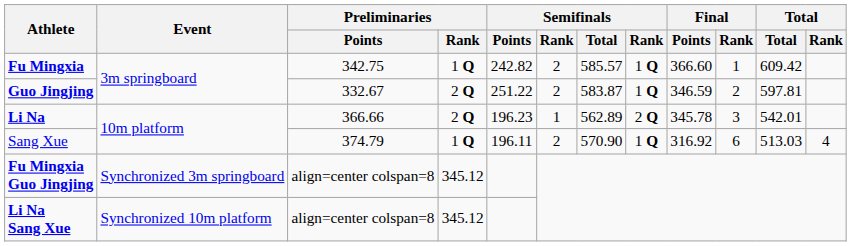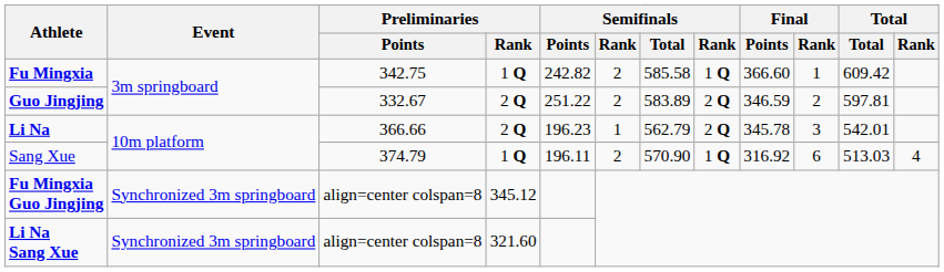 <table class=wikitable style="font-size:90%">
 <tr>
 <th rowspan="2">Athlete</th>
 <th rowspan="2">Event</th>
 <th colspan="2">Preliminaries</th>
 <th colspan="4">Semifinals</th>
 <th colspan="2">Final</th>
 <th colspan="2">Total</th>
 </tr>
 <tr style="font-size:95%">
 <th>Points</th>
 <th>Rank</th>
 <th>Points</th>
 <th>Rank</th>
 <th>Total</th>
 <th>Rank</th>
 <th>Points</th>
 <th>Rank</th>
 <th>Total</th>
 <th>Rank</th>
 </tr>
 <tr>
 <td align=left><strong><a href='#'>Fu Mingxia</a></strong></td>
 <td align=left rowspan=2><a href='#'>3m springboard</a></td>
 <td align=center>342.75</td>
 <td align=center>1 <strong>Q</strong></td>
 <td align=center>242.82</td>
 <td align=center>2</td>
-<td align=center>585.57</td>
+<td align=center>585.58</td>
 <td align=center>1 <strong>Q</strong></td>
 <td align=center>366.60</td>
 <td align=center>1</td>
 <td align=center>609.42</td>
 <td align=center></td>
 </tr>
 <tr>
 <td align=left><strong><a href='#'>Guo Jingjing</a></strong></td>
 <td align=center>332.67</td>
 <td align=center>2 <strong>Q</strong></td>
 <td align=center>251.22</td>
 <td align=center>2</td>
-<td align=center>583.87</td>
-<td align=center>1 <strong>Q</strong></td>
+<td align=center>583.89</td>
+<td align=center>2 <strong>Q</strong></td>
 <td align=center>346.59</td>
 <td align=center>2</td>
 <td align=center>597.81</td>
 <td align=center></td>
 </tr>
 <tr>
 <td align=left><strong><a href='#'>Li Na</a></strong></td>
 <td align=left rowspan=2><a href='#'>10m platform</a></td>
 <td align=center>366.66</td>
 <td align=center>2 <strong>Q</strong></td>
 <td align=center>196.23</td>
 <td align=center>1</td>
-<td align=center>562.89</td>
+<td align=center>562.79</td>
 <td align=center>2 <strong>Q</strong></td>
 <td align=center>345.78</td>
 <td align=center>3</td>
 <td align=center>542.01</td>
 <td align=center></td>
 </tr>
 <tr>
 <td align=left><a href='#'>Sang Xue</a></td>
 <td align=center>374.79</td>
 <td align=center>1 <strong>Q</strong></td>
 <td align=center>196.11</td>
 <td align=center>2</td>
 <td align=center>570.90</td>
 <td align=center>1 <strong>Q</strong></td>
 <td align=center>316.92</td>
 <td align=center>6</td>
 <td align=center>513.03</td>
 <td align=center>4</td>
 </tr>
 <tr>
 <td align=left><strong><a href='#'>Fu Mingxia</a></strong><br> <strong><a href='#'>Guo Jingjing</a></strong></td>
 <td align=left><a href='#'>Synchronized 3m springboard</a></td>
 <td>align=center colspan=8 </td>
 <td align=center>345.12</td>
 <td align=center></td>
 </tr>
 <tr>
 <td align=left><strong><a href='#'>Li Na</a></strong><br> <strong><a href='#'>Sang Xue</a></strong></td>
-<td align=left><a href='#'>Synchronized 10m platform</a></td>
+<td align=left><a href='#'>Synchronized 3m springboard</a></td>
 <td>align=center colspan=8 </td>
-<td align=center>345.12</td>
+<td align=center>321.60</td>
 <td align=center></td>
 </tr>
 </table>
